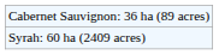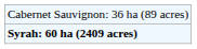 <table class="wikitable" style="background:#F0F8FF; font-size:95%;">
 <tr>
 <td>Cabernet Sauvignon: 36 ha (89 acres)</td>
 </tr>
 <tr>
-<td>Syrah: 60 ha (2409 acres)</td>
+<td><strong>Syrah: 60 ha (2409 acres)</strong></td>
 </tr>
 </table>
